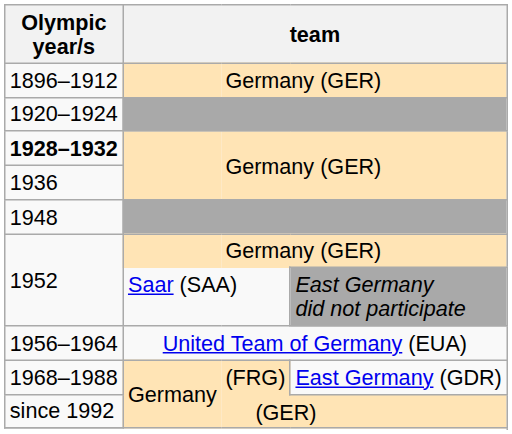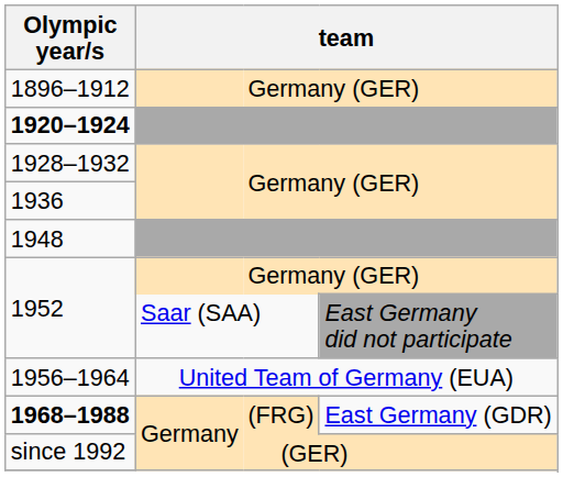 <table class = wikitable style = text-align:left;font-size:90%>
 <tr>
 <th>Olympic<br>year/s</th>
 <th colspan = 5>team</th>
 </tr>
 <tr>
 <td>1896–1912</td>
 <td colspan = 2 style = "text-align:right; border-style: none none none none; background:moccasin"></td>
 <td colspan = 2 style = "border-style: none none none none; background:moccasin">Germany (GER)</td>
 </tr>
 <tr>
-<td>1920–1924</td>
+<td><strong>1920–1924</strong></td>
 <td colspan = 4 style = text-align:center;background:darkgray></td>
 </tr>
 <tr>
-<td><strong>1928–1932</strong></td>
+<td>1928–1932</td>
 <td colspan = 2 style = "text-align:right; border-style: none none none none; background:moccasin"></td>
 <td colspan = 2 rowspan = 2 style = "border-style: none none none none; background:moccasin">Germany (GER)</td>
 </tr>
 <tr>
 <td>1936</td>
 <td colspan = 2 style = "text-align:right; border-style: none none none none; background:moccasin"></td>
 </tr>
 <tr>
 <td>1948</td>
 <td colspan = 4 style = text-align:center;background:darkgray></td>
 </tr>
 <tr>
 <td rowspan = 2>1952</td>
 <td colspan = 2 style = "text-align:right; border-style: none none none none; background:moccasin"></td>
 <td colspan = 2 style = "border-style: none none none none; background:moccasin">Germany (GER)</td>
 </tr>
 <tr>
 <td colspan = 3 style = "border-style: none none none none"> <a href='#'>Saar</a> (SAA)<br><br></td>
 <td style = background:darkgray> <em>East Germany<br>did not participate</em></td>
 </tr>
 <tr>
 <td>1956–1964</td>
 <td colspan = 4 style = text-align:center> <a href='#'>United Team of Germany</a> (EUA)</td>
 </tr>
 <tr>
-<td>1968–1988</td>
+<td><strong>1968–1988</strong></td>
 <td colspan = 2 rowspan = 2 style = "border-style: none none none none; background:moccasin"> Germany</td>
 <td style = "border-style: none none none none; background:moccasin">(FRG)</td>
 <td> <a href='#'>East Germany</a> (GDR)</td>
 </tr>
 <tr>
 <td>since 1992</td>
 <td colspan = 2 style = "border-style: none none none none; background:moccasin">     (GER)</td>
 </tr>
 <tr>
 </tr>
 </table>
